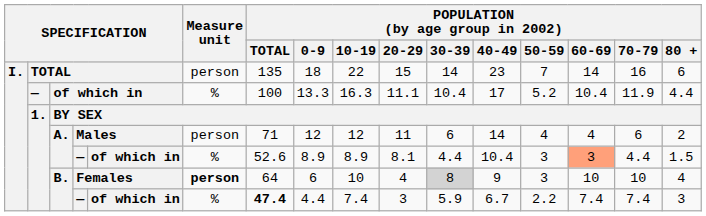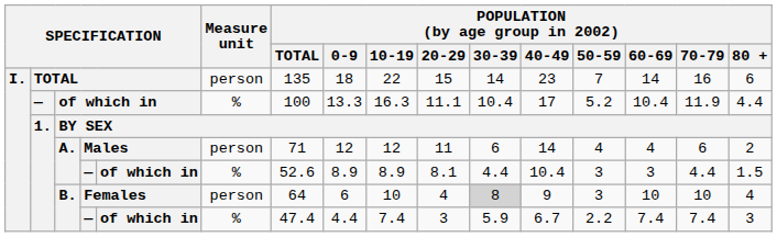 <table class="wikitable" style="font-size:85%; text-align:center">
 <tr>
 <th rowspan="2" colspan="5">SPECIFICATION</th>
 <th rowspan="2">Measure<br> unit</th>
 <th colspan="10" rowspan="1">POPULATION<br> (by age group in 2002)</th>
 </tr>
 <tr>
 <th>TOTAL</th>
 <th>0-9</th>
 <th>10-19</th>
 <th>20-29</th>
 <th>30-39</th>
 <th>40-49</th>
 <th>50-59</th>
 <th>60-69</th>
 <th>70-79</th>
 <th>80 +</th>
 </tr>
 <tr>
 <th style="text-align:left" valign="top" rowspan="7">I.</th>
 <th style="text-align:left" colspan="4">TOTAL</th>
 <td>person</td>
 <td>135</td>
 <td>18</td>
 <td>22</td>
 <td>15</td>
 <td>14</td>
 <td>23</td>
 <td>7</td>
 <td>14</td>
 <td>16</td>
 <td>6</td>
 </tr>
 <tr>
 <th style="text-align:left" valign="top">—</th>
 <th style="text-align:left" colspan="3">of which in</th>
 <td>%</td>
 <td>100</td>
 <td>13.3</td>
 <td>16.3</td>
 <td>11.1</td>
 <td>10.4</td>
 <td>17</td>
 <td>5.2</td>
 <td>10.4</td>
 <td>11.9</td>
 <td>4.4</td>
 </tr>
 <tr>
 <th style="text-align:left" valign="top" rowspan="5">1.</th>
 <th style="text-align:left" colspan="14">BY SEX</th>
 </tr>
 <tr>
 <th style="text-align:left" valign="top" rowspan="2">A.</th>
 <th style="text-align:left" colspan="2">Males</th>
 <td>person</td>
 <td>71</td>
 <td>12</td>
 <td>12</td>
 <td>11</td>
 <td>6</td>
 <td>14</td>
 <td>4</td>
 <td>4</td>
 <td>6</td>
 <td>2</td>
 </tr>
 <tr>
 <th style="text-align:left" valign="top">—</th>
 <th style="text-align:left" colspan="1">of which in</th>
 <td>%</td>
 <td>52.6</td>
 <td>8.9</td>
 <td>8.9</td>
 <td>8.1</td>
 <td>4.4</td>
 <td>10.4</td>
 <td>3</td>
-<td style="background: lightsalmon;">3</td>
+<td>3</td>
 <td>4.4</td>
 <td>1.5</td>
 </tr>
 <tr>
 <th style="text-align:left" valign="top" rowspan="2">B.</th>
 <th style="text-align:left" colspan="2">Females</th>
-<td><strong>person</strong></td>
+<td>person</td>
 <td>64</td>
 <td>6</td>
 <td>10</td>
 <td>4</td>
 <td style="background: lightgrey;">8</td>
 <td>9</td>
 <td>3</td>
 <td>10</td>
 <td>10</td>
 <td>4</td>
 </tr>
 <tr>
 <th style="text-align:left" valign="top">—</th>
 <th style="text-align:left" colspan="1">of which in</th>
 <td>%</td>
-<td><strong>47.4</strong></td>
+<td>47.4</td>
 <td>4.4</td>
 <td>7.4</td>
 <td>3</td>
 <td>5.9</td>
 <td>6.7</td>
 <td>2.2</td>
 <td>7.4</td>
 <td>7.4</td>
 <td>3</td>
 </tr>
 </table>
